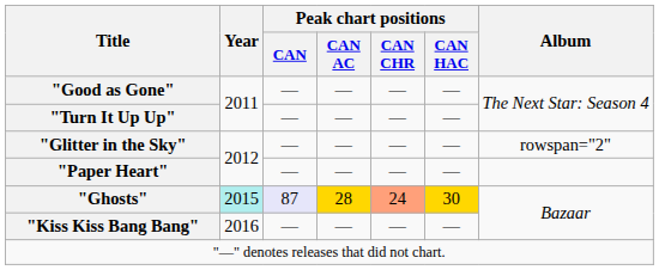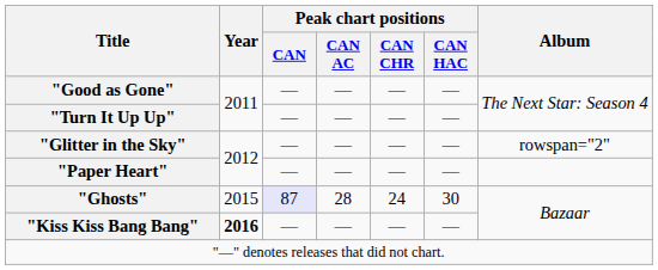 <table class="wikitable plainrowheaders" style="text-align:center;" border="1">
 <tr>
 <th rowspan="2" style="width:12em;">Title</th>
 <th rowspan="2">Year</th>
 <th colspan="4">Peak chart positions</th>
 <th rowspan="2">Album</th>
 </tr>
 <tr>
 <th scope="col" style="width:3em;font-size:90%;"><a href='#'>CAN</a><br></th>
 <th scope="col" style="width:3em;font-size:90%;"><a href='#'>CAN<br>AC</a><br></th>
 <th scope="col" style="width:3em;font-size:90%;"><a href='#'>CAN<br>CHR</a><br></th>
 <th scope="col" style="width:3em;font-size:90%;"><a href='#'>CAN<br>HAC</a><br></th>
 </tr>
 <tr>
 <th scope="row">"Good as Gone"</th>
 <td rowspan="2">2011</td>
 <td>—</td>
 <td>—</td>
 <td>—</td>
 <td>—</td>
 <td rowspan="2"><em>The Next Star: Season 4</em></td>
 </tr>
 <tr>
 <th scope="row">"Turn It Up Up"<br></th>
 <td>—</td>
 <td>—</td>
 <td>—</td>
 <td>—</td>
 </tr>
 <tr>
 <th scope="row">"Glitter in the Sky"</th>
 <td rowspan="2">2012</td>
 <td>—</td>
 <td>—</td>
 <td>—</td>
 <td>—</td>
 <td>rowspan="2" </td>
 </tr>
 <tr>
 <th scope="row">"Paper Heart"<br></th>
 <td>—</td>
 <td>—</td>
 <td>—</td>
 <td>—</td>
 </tr>
 <tr>
 <th scope="row">"Ghosts"</th>
-<td style="background: paleturquoise;">2015</td>
+<td>2015</td>
 <td style="background: lavender;">87</td>
-<td style="background: gold;">28</td>
-<td style="background: lightsalmon;">24</td>
-<td style="background: gold;">30</td>
+<td>28</td>
+<td>24</td>
+<td>30</td>
 <td rowspan="2"><em>Bazaar</em></td>
 </tr>
 <tr>
 <th scope="row">"Kiss Kiss Bang Bang"</th>
-<td>2016</td>
+<td><strong>2016</strong></td>
 <td>—</td>
 <td>—</td>
 <td>—</td>
 <td>—</td>
 </tr>
 <tr>
 <td colspan="11" style="font-size:85%">"—" denotes releases that did not chart.</td>
 </tr>
 </table>
